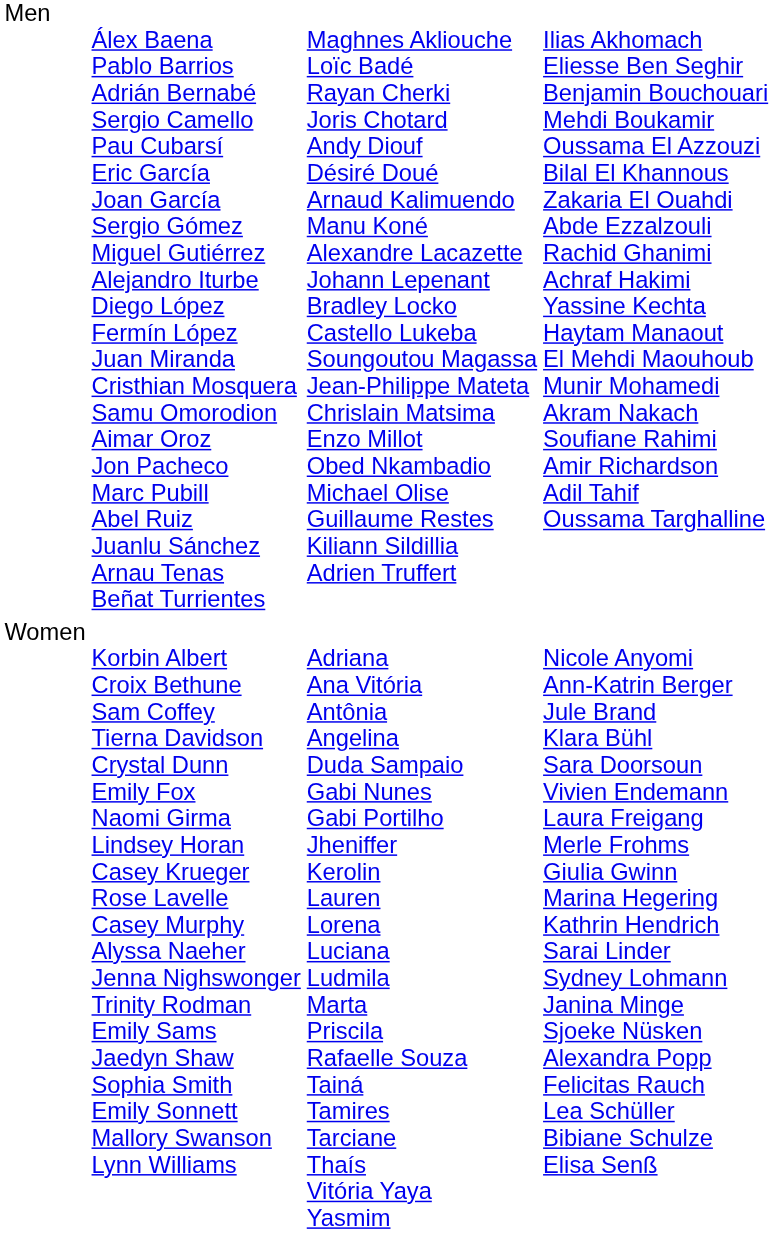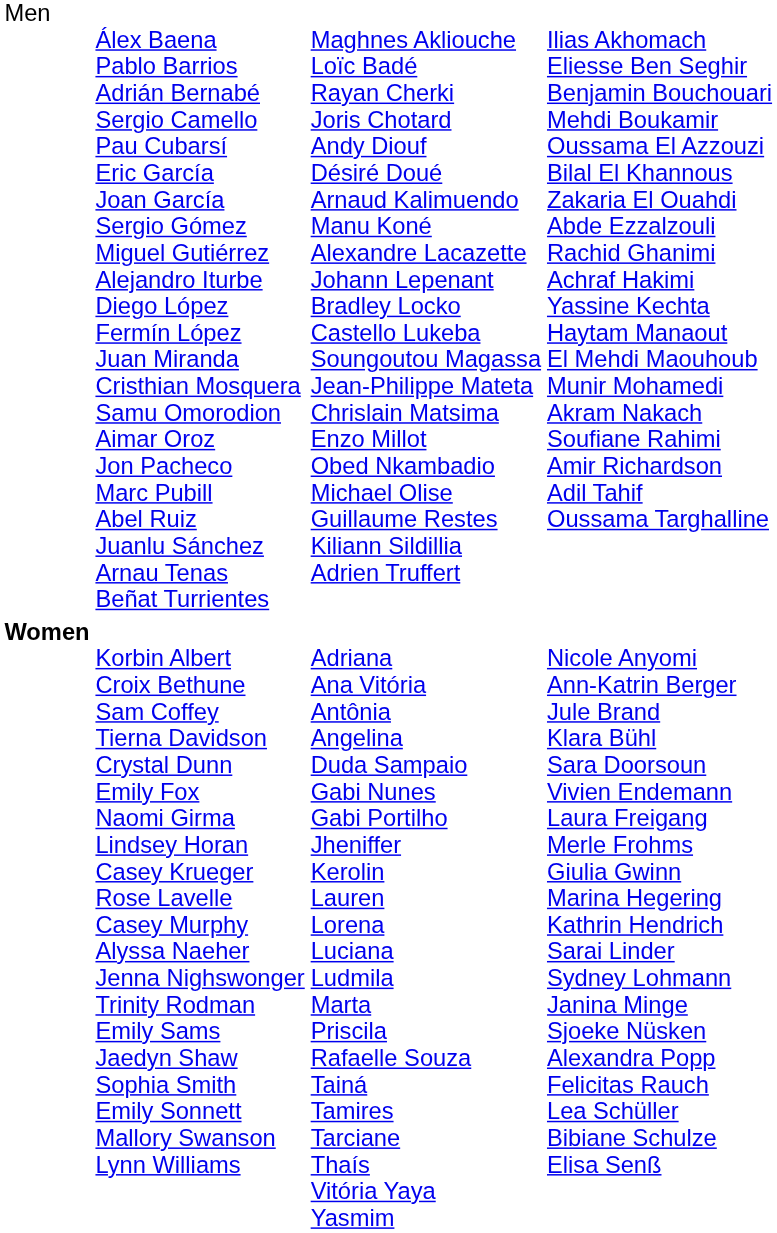 <table>
 <tr valign="top">
 <td>Men<br></td>
 <td><br><a href='#'>Álex Baena</a><br><a href='#'>Pablo Barrios</a><br><a href='#'>Adrián Bernabé</a><br><a href='#'>Sergio Camello</a><br><a href='#'>Pau Cubarsí</a><br><a href='#'>Eric García</a><br><a href='#'>Joan García</a><br><a href='#'>Sergio Gómez</a><br><a href='#'>Miguel Gutiérrez</a><br><a href='#'>Alejandro Iturbe</a><br><a href='#'>Diego López</a><br><a href='#'>Fermín López</a><br><a href='#'>Juan Miranda</a><br><a href='#'>Cristhian Mosquera</a><br><a href='#'>Samu Omorodion</a><br><a href='#'>Aimar Oroz</a><br><a href='#'>Jon Pacheco</a><br><a href='#'>Marc Pubill</a><br><a href='#'>Abel Ruiz</a><br><a href='#'>Juanlu Sánchez</a><br><a href='#'>Arnau Tenas</a><br><a href='#'>Beñat Turrientes</a></td>
 <td><br><a href='#'>Maghnes Akliouche</a><br><a href='#'>Loïc Badé</a><br><a href='#'>Rayan Cherki</a><br><a href='#'>Joris Chotard</a><br><a href='#'>Andy Diouf</a><br><a href='#'>Désiré Doué</a><br><a href='#'>Arnaud Kalimuendo</a><br><a href='#'>Manu Koné</a><br><a href='#'>Alexandre Lacazette</a><br><a href='#'>Johann Lepenant</a><br><a href='#'>Bradley Locko</a><br><a href='#'>Castello Lukeba</a><br><a href='#'>Soungoutou Magassa</a><br><a href='#'>Jean-Philippe Mateta</a><br><a href='#'>Chrislain Matsima</a><br><a href='#'>Enzo Millot</a><br><a href='#'>Obed Nkambadio</a><br><a href='#'>Michael Olise</a><br><a href='#'>Guillaume Restes</a><br><a href='#'>Kiliann Sildillia</a><br><a href='#'>Adrien Truffert</a></td>
 <td><br><a href='#'>Ilias Akhomach</a><br><a href='#'>Eliesse Ben Seghir</a><br><a href='#'>Benjamin Bouchouari</a><br><a href='#'>Mehdi Boukamir</a><br><a href='#'>Oussama El Azzouzi</a><br><a href='#'>Bilal El Khannous</a><br><a href='#'>Zakaria El Ouahdi</a><br><a href='#'>Abde Ezzalzouli</a><br><a href='#'>Rachid Ghanimi</a><br><a href='#'>Achraf Hakimi</a><br><a href='#'>Yassine Kechta</a><br><a href='#'>Haytam Manaout</a><br><a href='#'>El Mehdi Maouhoub</a><br><a href='#'>Munir Mohamedi</a><br><a href='#'>Akram Nakach</a><br><a href='#'>Soufiane Rahimi</a><br><a href='#'>Amir Richardson</a><br><a href='#'>Adil Tahif</a><br><a href='#'>Oussama Targhalline</a></td>
 </tr>
 <tr valign="top">
-<td>Women<br></td>
+<td><strong>Women<br></strong></td>
 <td><br><a href='#'>Korbin Albert</a><br><a href='#'>Croix Bethune</a><br><a href='#'>Sam Coffey</a><br><a href='#'>Tierna Davidson</a><br><a href='#'>Crystal Dunn</a><br><a href='#'>Emily Fox</a><br><a href='#'>Naomi Girma</a><br><a href='#'>Lindsey Horan</a><br><a href='#'>Casey Krueger</a><br><a href='#'>Rose Lavelle</a><br><a href='#'>Casey Murphy</a><br><a href='#'>Alyssa Naeher</a><br><a href='#'>Jenna Nighswonger</a><br><a href='#'>Trinity Rodman</a><br><a href='#'>Emily Sams</a><br><a href='#'>Jaedyn Shaw</a><br><a href='#'>Sophia Smith</a><br><a href='#'>Emily Sonnett</a><br><a href='#'>Mallory Swanson</a><br><a href='#'>Lynn Williams</a></td>
 <td><br><a href='#'>Adriana</a><br><a href='#'>Ana Vitória</a><br><a href='#'>Antônia</a><br><a href='#'>Angelina</a><br><a href='#'>Duda Sampaio</a><br><a href='#'>Gabi Nunes</a><br><a href='#'>Gabi Portilho</a><br><a href='#'>Jheniffer</a><br><a href='#'>Kerolin</a><br><a href='#'>Lauren</a><br><a href='#'>Lorena</a><br><a href='#'>Luciana</a><br><a href='#'>Ludmila</a><br><a href='#'>Marta</a><br><a href='#'>Priscila</a><br><a href='#'>Rafaelle Souza</a><br><a href='#'>Tainá</a><br><a href='#'>Tamires</a><br><a href='#'>Tarciane</a><br><a href='#'>Thaís</a><br><a href='#'>Vitória Yaya</a><br><a href='#'>Yasmim</a></td>
 <td><br><a href='#'>Nicole Anyomi</a><br><a href='#'>Ann-Katrin Berger</a><br><a href='#'>Jule Brand</a><br><a href='#'>Klara Bühl</a><br><a href='#'>Sara Doorsoun</a><br><a href='#'>Vivien Endemann</a><br><a href='#'>Laura Freigang</a><br><a href='#'>Merle Frohms</a><br><a href='#'>Giulia Gwinn</a><br><a href='#'>Marina Hegering</a><br><a href='#'>Kathrin Hendrich</a><br><a href='#'>Sarai Linder</a><br><a href='#'>Sydney Lohmann</a><br><a href='#'>Janina Minge</a><br><a href='#'>Sjoeke Nüsken</a><br><a href='#'>Alexandra Popp</a><br><a href='#'>Felicitas Rauch</a><br><a href='#'>Lea Schüller</a><br><a href='#'>Bibiane Schulze</a><br><a href='#'>Elisa Senß</a></td>
 </tr>
 </table>
